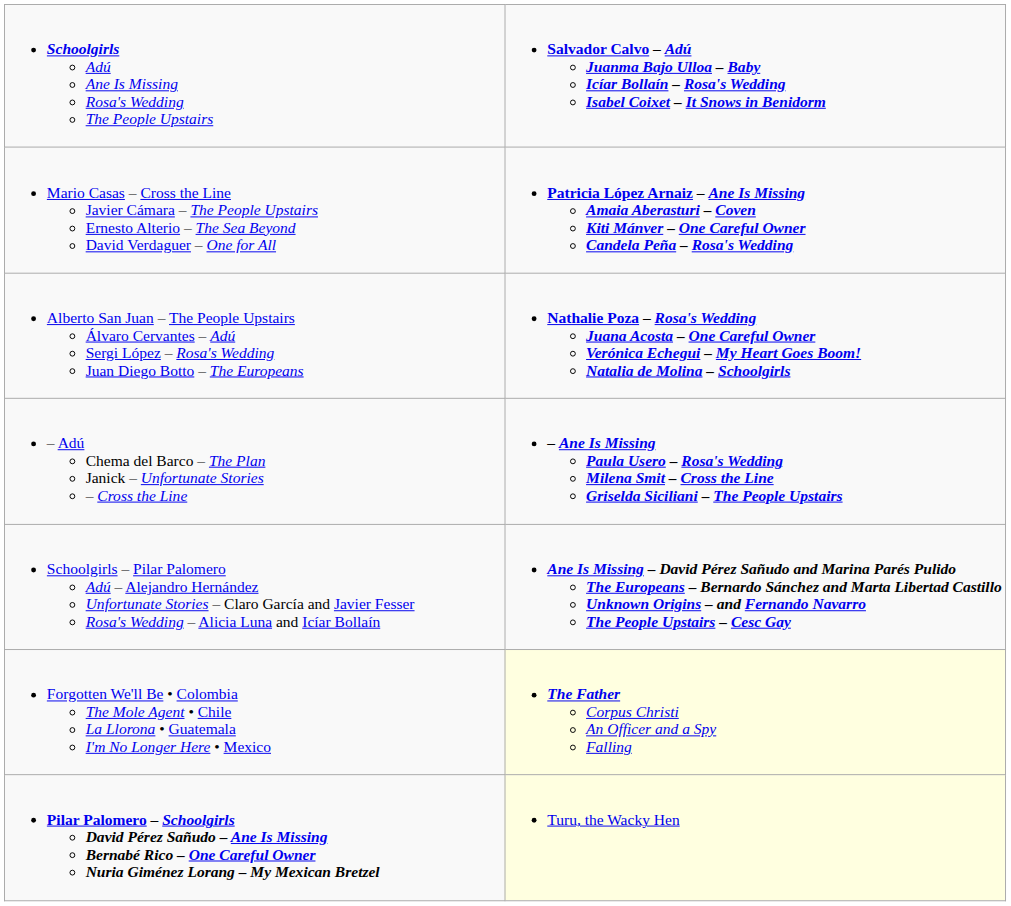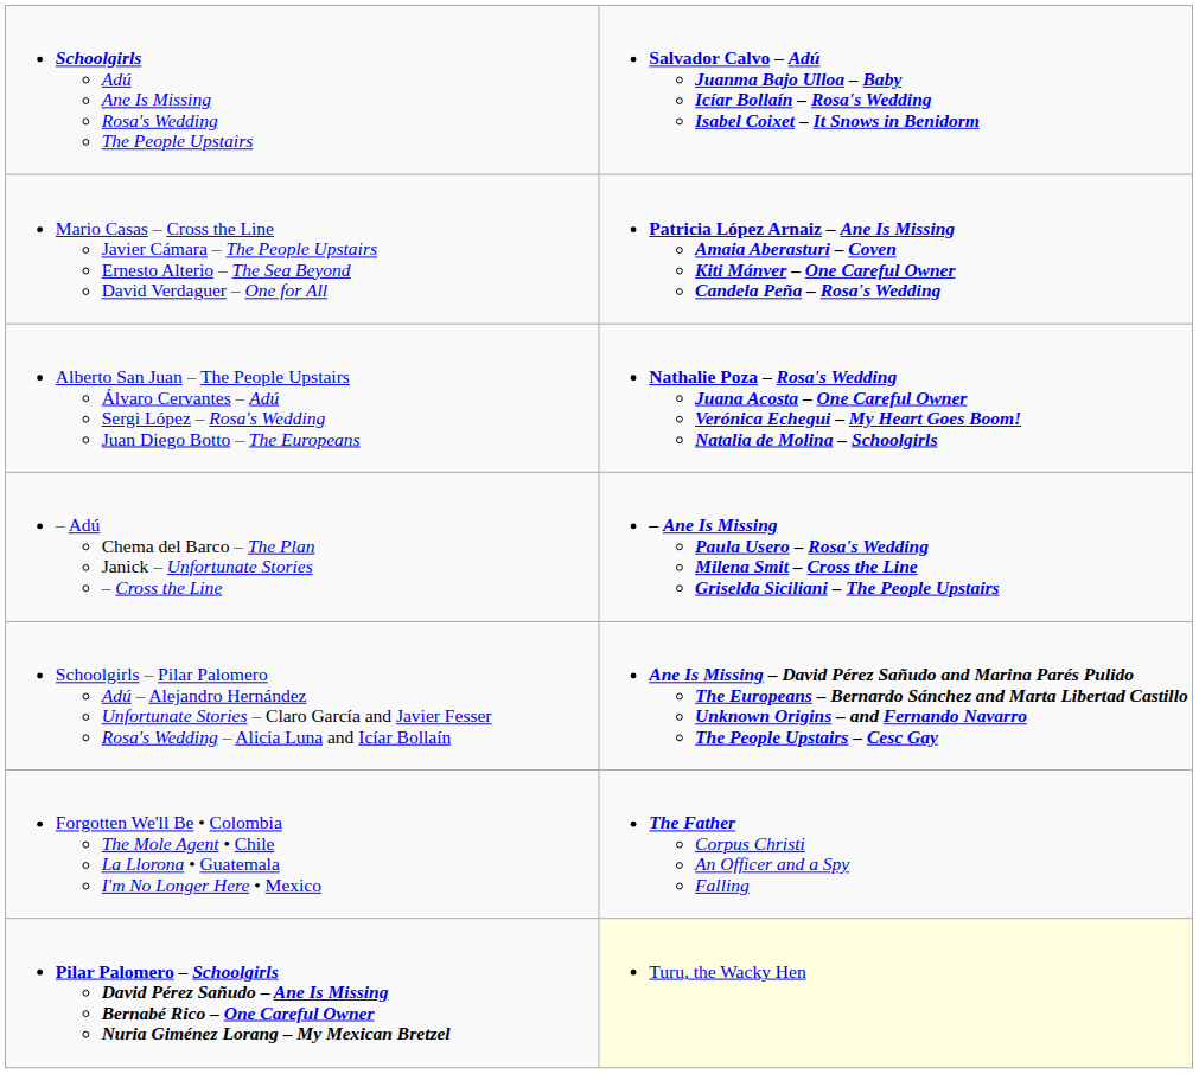 <table class=wikitable style="width=100%">
 <tr>
 <td style="vertical-align:top;" width="50%"><br><ul><li><strong><em><a href='#'>Schoolgirls</a></em></strong><ul><li><em><a href='#'>Adú</a></em></li><li><em><a href='#'>Ane Is Missing</a></em></li><li><em><a href='#'>Rosa's Wedding</a></em></li><li><em><a href='#'>The People Upstairs</a></em></li></ul></li></ul></td>
 <td style="vertical-align:top;" width="50%"><br><ul><li><strong><a href='#'>Salvador Calvo</a> – <em><a href='#'>Adú</a><strong><em><ul><li><a href='#'>Juanma Bajo Ulloa</a> – </em><a href='#'>Baby</a><em></li><li><a href='#'>Icíar Bollaín</a> – </em><a href='#'>Rosa's Wedding</a><em></li><li><a href='#'>Isabel Coixet</a> – </em><a href='#'>It Snows in Benidorm</a><em></li></ul></li></ul></td>
 </tr>
 <tr>
 <td style="vertical-align:top;" width="50%"><br><ul><li></strong><a href='#'>Mario Casas</a> – </em><a href='#'>Cross the Line</a></em></strong><ul><li><a href='#'>Javier Cámara</a> – <em><a href='#'>The People Upstairs</a></em></li><li><a href='#'>Ernesto Alterio</a> – <em><a href='#'>The Sea Beyond</a></em></li><li><a href='#'>David Verdaguer</a> – <em><a href='#'>One for All</a></em></li></ul></li></ul></td>
 <td style="vertical-align:top;" width="50%"><br><ul><li><strong><a href='#'>Patricia López Arnaiz</a> – <em><a href='#'>Ane Is Missing</a><strong><em><ul><li><a href='#'>Amaia Aberasturi</a> – </em><a href='#'>Coven</a><em></li><li><a href='#'>Kiti Mánver</a> – </em><a href='#'>One Careful Owner</a><em></li><li><a href='#'>Candela Peña</a> – </em><a href='#'>Rosa's Wedding</a><em></li></ul></li></ul></td>
 </tr>
 <tr>
 <td style="vertical-align:top;" width="50%"><br><ul><li></strong><a href='#'>Alberto San Juan</a> – </em><a href='#'>The People Upstairs</a></em></strong><ul><li><a href='#'>Álvaro Cervantes</a> – <em><a href='#'>Adú</a></em></li><li><a href='#'>Sergi López</a> – <em><a href='#'>Rosa's Wedding</a></em></li><li><a href='#'>Juan Diego Botto</a> – <em><a href='#'>The Europeans</a></em></li></ul></li></ul></td>
 <td style="vertical-align:top;" width="50%"><br><ul><li><strong><a href='#'>Nathalie Poza</a> – <em><a href='#'>Rosa's Wedding</a><strong><em><ul><li><a href='#'>Juana Acosta</a> – </em><a href='#'>One Careful Owner</a><em></li><li><a href='#'>Verónica Echegui</a> – </em><a href='#'>My Heart Goes Boom!</a><em></li><li><a href='#'>Natalia de Molina</a> – </em><a href='#'>Schoolgirls</a><em></li></ul></li></ul></td>
 </tr>
 <tr>
 <td style="vertical-align:top;" width="50%"><br><ul><li></strong> – </em><a href='#'>Adú</a></em></strong><ul><li>Chema del Barco – <em><a href='#'>The Plan</a></em></li><li>Janick – <em><a href='#'>Unfortunate Stories</a></em></li><li> – <em><a href='#'>Cross the Line</a></em></li></ul></li></ul></td>
 <td style="vertical-align:top;" width="50%"><br><ul><li><strong> – <em><a href='#'>Ane Is Missing</a><strong><em><ul><li><a href='#'>Paula Usero</a> – </em><a href='#'>Rosa's Wedding</a><em></li><li><a href='#'>Milena Smit</a> – </em><a href='#'>Cross the Line</a><em></li><li><a href='#'>Griselda Siciliani</a> – </em><a href='#'>The People Upstairs</a><em></li></ul></li></ul></td>
 </tr>
 <tr>
 <td style="vertical-align:top;" width="50%"><br><ul><li></em></strong><a href='#'>Schoolgirls</a></em> – <a href='#'>Pilar Palomero</a></strong><ul><li><em><a href='#'>Adú</a></em> – <a href='#'>Alejandro Hernández</a></li><li><em><a href='#'>Unfortunate Stories</a></em> – Claro García and <a href='#'>Javier Fesser</a></li><li><em><a href='#'>Rosa's Wedding</a></em> – <a href='#'>Alicia Luna</a> and <a href='#'>Icíar Bollaín</a></li></ul></li></ul></td>
 <td style="vertical-align:top;" width="50%"><br><ul><li><strong><em><a href='#'>Ane Is Missing</a><em> – David Pérez Sañudo and Marina Parés Pulido<strong><ul><li></em><a href='#'>The Europeans</a><em> – Bernardo Sánchez and Marta Libertad Castillo</li><li></em><a href='#'>Unknown Origins</a><em> –  and <a href='#'>Fernando Navarro</a></li><li></em><a href='#'>The People Upstairs</a><em> – <a href='#'>Cesc Gay</a></li></ul></li></ul></td>
 </tr>
 <tr>
 <td style="vertical-align:top;" width="50%"><br><ul><li></em></strong><a href='#'>Forgotten We'll Be</a></em> • <a href='#'>Colombia</a></strong><ul><li><em><a href='#'>The Mole Agent</a></em> • <a href='#'>Chile</a></li><li><em><a href='#'>La Llorona</a></em> • <a href='#'>Guatemala</a></li><li><em><a href='#'>I'm No Longer Here</a></em> • <a href='#'>Mexico</a></li></ul></li></ul></td>
-<td style="background: lightyellow; vertical-align:top;" width="50%"><br><ul><li><strong><em><a href='#'>The Father</a></em></strong><ul><li><em><a href='#'>Corpus Christi</a></em></li><li><em><a href='#'>An Officer and a Spy</a></em></li><li><em><a href='#'>Falling</a></em></li></ul></li></ul></td>
+<td style="vertical-align:top;" width="50%"><br><ul><li><strong><em><a href='#'>The Father</a></em></strong><ul><li><em><a href='#'>Corpus Christi</a></em></li><li><em><a href='#'>An Officer and a Spy</a></em></li><li><em><a href='#'>Falling</a></em></li></ul></li></ul></td>
 </tr>
 <tr>
 <td style="vertical-align:top;" width="50%"><br><ul><li><strong><a href='#'>Pilar Palomero</a> – <em><a href='#'>Schoolgirls</a><strong><em><ul><li>David Pérez Sañudo – </em><a href='#'>Ane Is Missing</a><em></li><li>Bernabé Rico – </em><a href='#'>One Careful Owner</a><em></li><li>Nuria Giménez Lorang – </em>My Mexican Bretzel<em></li></ul></li></ul></td>
 <td style="background: lightyellow; vertical-align:top;" width="50%"><br><ul><li></em></strong><a href='#'>Turu, the Wacky Hen</a><strong><em></li></ul></td>
 </tr>
 </table>
